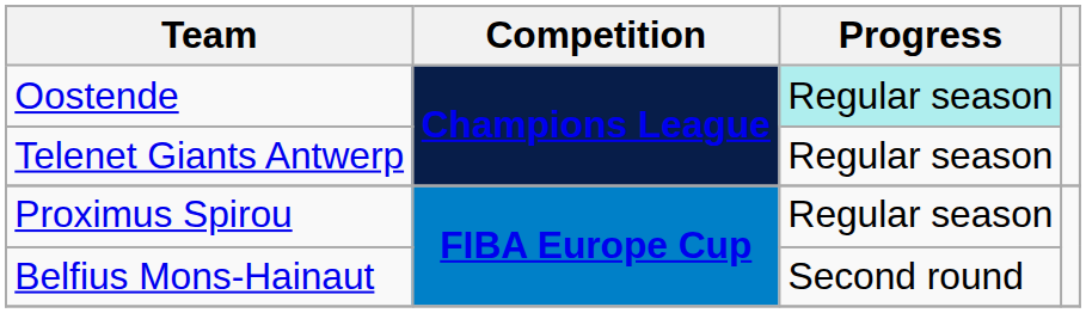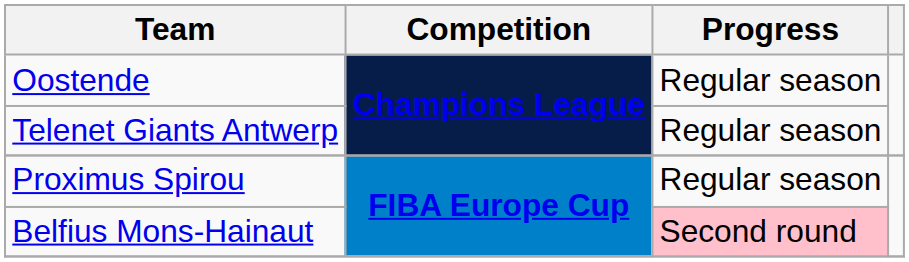 <table class="wikitable sortable">
 <tr>
 <th>Team</th>
 <th>Competition</th>
 <th>Progress</th>
 <th></th>
 </tr>
 <tr>
 <td><a href='#'>Oostende</a></td>
 <td rowspan="2" style="background-color:#071D49;color:#D0D3D4;text-align:center"><strong><a href='#'><span>Champions League</span></a></strong></td>
-<td style="background: paleturquoise;">Regular season</td>
+<td>Regular season</td>
 <td rowspan=2 style="text-align:center"></td>
 </tr>
 <tr>
 <td><a href='#'>Telenet Giants Antwerp</a></td>
 <td>Regular season</td>
 </tr>
 <tr>
 </tr>
 <tr>
 <td><a href='#'>Proximus Spirou</a></td>
 <td rowspan="2" style="background-color:#0080C8;color:white;text-align:center"><strong><a href='#'><span>FIBA Europe Cup</span></a></strong></td>
 <td>Regular season</td>
 <td rowspan=2 style="text-align:center"></td>
 </tr>
 <tr>
 <td><a href='#'>Belfius Mons-Hainaut</a></td>
-<td>Second round</td>
+<td style="background: pink;">Second round</td>
 </tr>
 <tr>
 </tr>
 </table>
